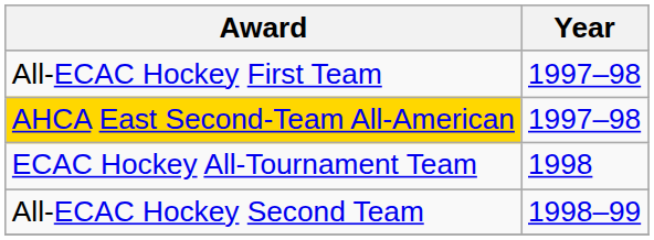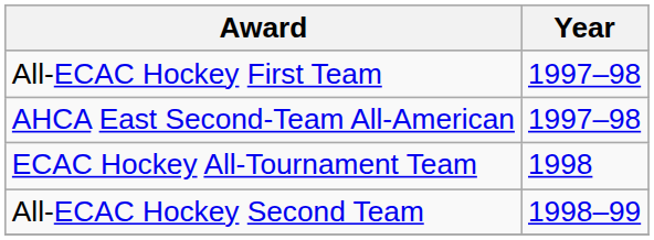 <table class="wikitable">
 <tr>
 <th>Award</th>
 <th>Year</th>
 </tr>
 <tr>
 <td>All-<a href='#'>ECAC Hockey</a> <a href='#'>First Team</a></td>
 <td><a href='#'>1997–98</a></td>
 </tr>
 <tr>
-<td style="background: gold;"><a href='#'>AHCA</a> <a href='#'>East Second-Team All-American</a></td>
+<td><a href='#'>AHCA</a> <a href='#'>East Second-Team All-American</a></td>
 <td><a href='#'>1997–98</a></td>
 </tr>
 <tr>
 <td><a href='#'>ECAC Hockey</a> <a href='#'>All-Tournament Team</a></td>
 <td><a href='#'>1998</a></td>
 </tr>
 <tr>
 <td>All-<a href='#'>ECAC Hockey</a> <a href='#'>Second Team</a></td>
 <td><a href='#'>1998–99</a></td>
 </tr>
 <tr>
 </tr>
 </table>
